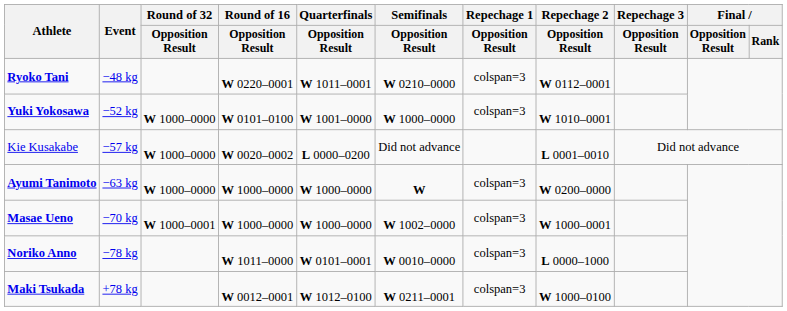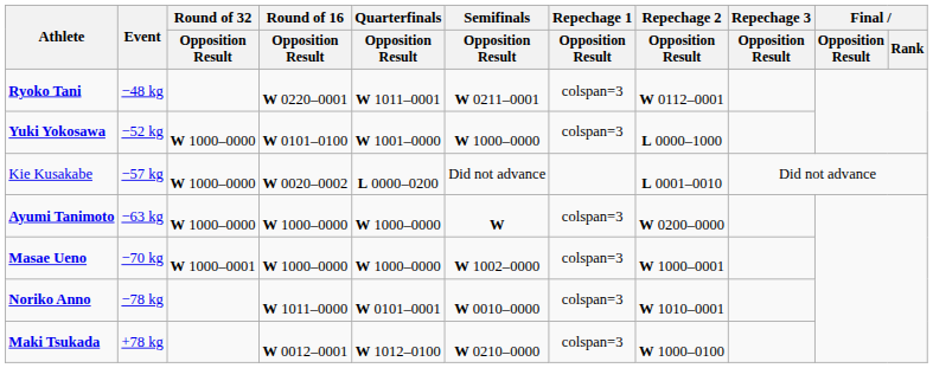 <table class="wikitable" style="font-size:90%">
 <tr>
 <th rowspan="2">Athlete</th>
 <th rowspan="2">Event</th>
 <th>Round of 32</th>
 <th>Round of 16</th>
 <th>Quarterfinals</th>
 <th>Semifinals</th>
 <th>Repechage 1</th>
 <th>Repechage 2</th>
 <th>Repechage 3</th>
 <th colspan=2>Final / </th>
 </tr>
 <tr style="font-size:95%">
 <th>Opposition<br>Result</th>
 <th>Opposition<br>Result</th>
 <th>Opposition<br>Result</th>
 <th>Opposition<br>Result</th>
 <th>Opposition<br>Result</th>
 <th>Opposition<br>Result</th>
 <th>Opposition<br>Result</th>
 <th>Opposition<br>Result</th>
 <th>Rank</th>
 </tr>
 <tr align=center>
 <td align=left><strong><a href='#'>Ryoko Tani</a></strong></td>
 <td align=left><a href='#'>−48 kg</a></td>
 <td></td>
 <td><br><strong>W</strong> 0220–0001</td>
 <td><br><strong>W</strong> 1011–0001</td>
-<td><br><strong>W</strong> 0210–0000</td>
+<td><br><strong>W</strong> 0211–0001</td>
 <td>colspan=3 </td>
 <td><br><strong>W</strong> 0112–0001</td>
 <td></td>
 </tr>
 <tr align=center>
 <td align=left><strong><a href='#'>Yuki Yokosawa</a></strong></td>
 <td align=left><a href='#'>−52 kg</a></td>
 <td><br><strong>W</strong> 1000–0000</td>
 <td><br><strong>W</strong> 0101–0100</td>
 <td><br><strong>W</strong> 1001–0000</td>
 <td><br><strong>W</strong> 1000–0000</td>
 <td>colspan=3 </td>
-<td><br><strong>W</strong> 1010–0001</td>
+<td><br><strong>L</strong> 0000–1000</td>
 <td></td>
 </tr>
 <tr align=center>
 <td align=left><a href='#'>Kie Kusakabe</a></td>
 <td align=left><a href='#'>−57 kg</a></td>
 <td><br><strong>W</strong> 1000–0000</td>
 <td><br><strong>W</strong> 0020–0002</td>
 <td><br><strong>L</strong> 0000–0200</td>
 <td>Did not advance</td>
 <td></td>
 <td><br><strong>L</strong> 0001–0010</td>
 <td colspan=3>Did not advance</td>
 </tr>
 <tr align=center>
 <td align=left><strong><a href='#'>Ayumi Tanimoto</a></strong></td>
 <td align=left><a href='#'>−63 kg</a></td>
 <td><br><strong>W</strong> 1000–0000</td>
 <td><br><strong>W</strong> 1000–0000</td>
 <td><br><strong>W</strong> 1000–0000</td>
 <td><br><strong>W</strong> </td>
 <td>colspan=3 </td>
 <td><br><strong>W</strong> 0200–0000</td>
 <td></td>
 </tr>
 <tr align=center>
 <td align=left><strong><a href='#'>Masae Ueno</a></strong></td>
 <td align=left><a href='#'>−70 kg</a></td>
 <td><br><strong>W</strong> 1000–0001</td>
 <td><br><strong>W</strong> 1000–0000</td>
 <td><br><strong>W</strong> 1000–0000</td>
 <td><br><strong>W</strong> 1002–0000</td>
 <td>colspan=3 </td>
 <td><br><strong>W</strong> 1000–0001</td>
 <td></td>
 </tr>
 <tr align=center>
 <td align=left><strong><a href='#'>Noriko Anno</a></strong></td>
 <td align=left><a href='#'>−78 kg</a></td>
 <td></td>
 <td><br><strong>W</strong> 1011–0000</td>
 <td><br><strong>W</strong> 0101–0001</td>
 <td><br><strong>W</strong> 0010–0000</td>
 <td>colspan=3 </td>
-<td><br><strong>L</strong> 0000–1000</td>
+<td><br><strong>W</strong> 1010–0001</td>
 <td></td>
 </tr>
 <tr align=center>
 <td align=left><strong><a href='#'>Maki Tsukada</a></strong></td>
 <td align=left><a href='#'>+78 kg</a></td>
 <td></td>
 <td><br><strong>W</strong> 0012–0001</td>
 <td><br><strong>W</strong> 1012–0100</td>
-<td><br><strong>W</strong> 0211–0001</td>
+<td><br><strong>W</strong> 0210–0000</td>
 <td>colspan=3 </td>
 <td><br><strong>W</strong> 1000–0100</td>
 <td></td>
 </tr>
 </table>
